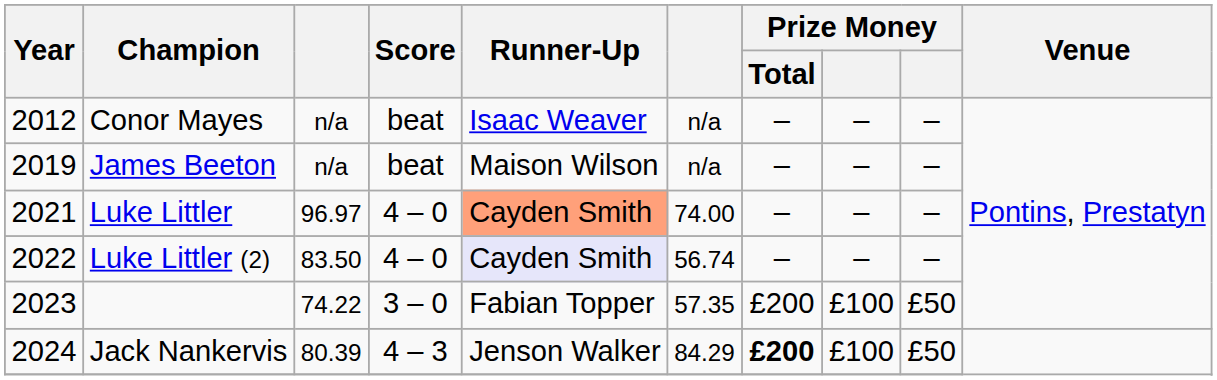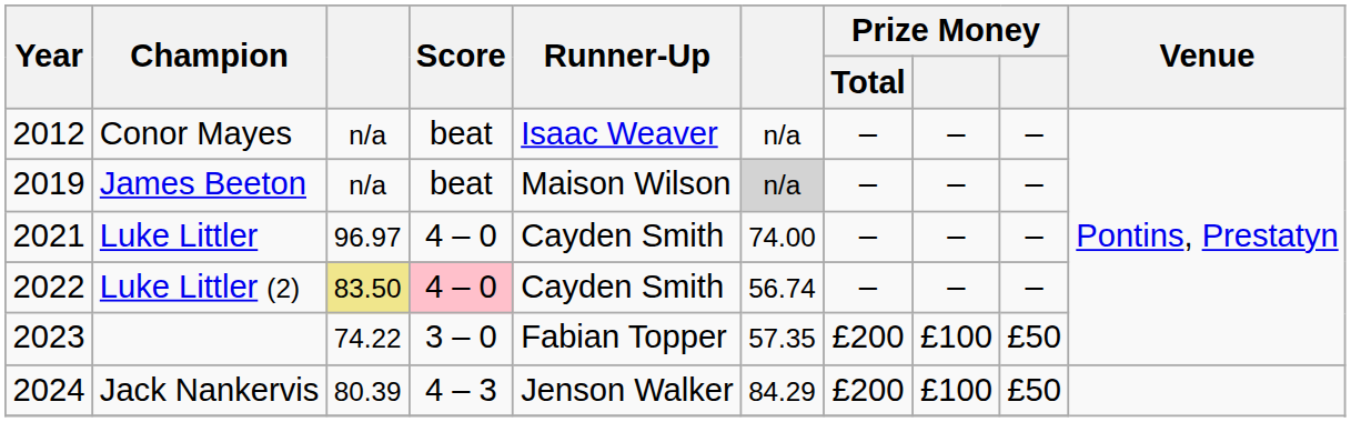 <table class="wikitable sortable">
 <tr>
 <th rowspan=2>Year</th>
 <th rowspan=2>Champion</th>
 <th rowspan=2></th>
 <th rowspan=2>Score</th>
 <th rowspan=2>Runner-Up</th>
 <th rowspan=2></th>
 <th colspan=3>Prize Money</th>
 <th rowspan=2>Venue</th>
 </tr>
 <tr>
 <th>Total</th>
 <th></th>
 <th></th>
 </tr>
 <tr>
 <td>2012</td>
 <td> Conor Mayes</td>
 <td align=center><small><span>n/a</span></small></td>
 <td align=center>beat</td>
 <td> <a href='#'>Isaac Weaver</a></td>
 <td align=center><small><span>n/a</span></small></td>
 <td align=center>–</td>
 <td align=center>–</td>
 <td align=center>–</td>
 <td rowspan=5><a href='#'>Pontins</a>, <a href='#'>Prestatyn</a></td>
 </tr>
 <tr>
 <td>2019</td>
 <td> <a href='#'>James Beeton</a></td>
 <td align=center><small><span>n/a</span></small></td>
 <td align=center>beat</td>
 <td> Maison Wilson</td>
-<td align=center><small><span>n/a</span></small></td>
+<td align=center style="background: lightgrey;"><small><span>n/a</span></small></td>
 <td align=center>–</td>
 <td align=center>–</td>
 <td align=center>–</td>
 </tr>
 <tr>
 <td>2021</td>
 <td> <a href='#'>Luke Littler</a></td>
 <td align=center><small><span>96.97</span></small></td>
 <td align=center>4 – 0</td>
-<td style="background: lightsalmon;"> Cayden Smith</td>
+<td> Cayden Smith</td>
 <td align=center><small><span>74.00</span></small></td>
 <td align=center>–</td>
 <td align=center>–</td>
 <td align=center>–</td>
 </tr>
 <tr>
 <td>2022</td>
 <td> <a href='#'>Luke Littler</a> <small>(2)</small></td>
-<td align=center><small><span>83.50</span></small></td>
-<td align=center>4 – 0</td>
-<td style="background: lavender;"> Cayden Smith</td>
+<td align=center style="background: khaki;"><small><span>83.50</span></small></td>
+<td align=center style="background: pink;">4 – 0</td>
+<td> Cayden Smith</td>
 <td align=center><small><span>56.74</span></small></td>
 <td align=center>–</td>
 <td align=center>–</td>
 <td align=center>–</td>
 </tr>
 <tr>
 <td>2023</td>
 <td></td>
 <td align=center><small><span></span>74.22</small></td>
 <td align=center>3 – 0</td>
 <td> Fabian Topper</td>
 <td align=center><small><span></span>57.35</small></td>
 <td align=center>£200</td>
 <td align=center>£100</td>
 <td align=center>£50</td>
 </tr>
 <tr>
 <td>2024</td>
 <td> Jack Nankervis</td>
 <td align=center><small><span></span>80.39</small></td>
 <td align=center>4 – 3</td>
 <td> Jenson Walker</td>
 <td align=center><small><span></span>84.29</small></td>
-<td align=center><strong>£200</strong></td>
+<td align=center>£200</td>
 <td align=center>£100</td>
 <td align=center>£50</td>
 </tr>
 <tr>
 </tr>
 </table>
